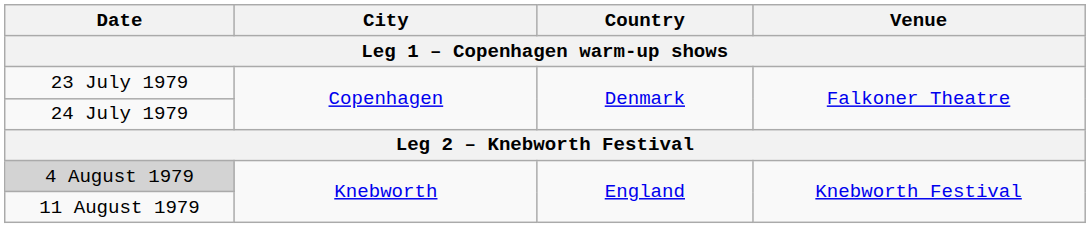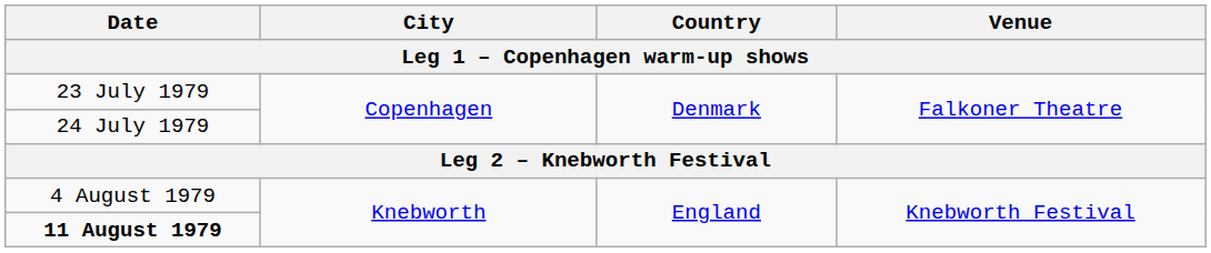 <table class="wikitable" style="text-align:center;">
 <tr>
 <th style="width:150px;">Date</th>
 <th style="width:200px;">City</th>
 <th style="width:140px;">Country</th>
 <th style="width:220px;">Venue</th>
 </tr>
 <tr>
 <th colspan="4">Leg 1 – Copenhagen warm-up shows</th>
 </tr>
 <tr>
 <td>23 July 1979</td>
 <td rowspan="2"><a href='#'>Copenhagen</a></td>
 <td rowspan="2"><a href='#'>Denmark</a></td>
 <td rowspan="2"><a href='#'>Falkoner Theatre</a></td>
 </tr>
 <tr>
 <td>24 July 1979</td>
 </tr>
 <tr>
 <th colspan="4">Leg 2 – Knebworth Festival</th>
 </tr>
 <tr>
-<td style="background: lightgrey;">4 August 1979</td>
+<td>4 August 1979</td>
 <td rowspan="2"><a href='#'>Knebworth</a></td>
 <td rowspan="2"><a href='#'>England</a></td>
 <td rowspan="2"><a href='#'>Knebworth Festival</a></td>
 </tr>
 <tr>
-<td>11 August 1979</td>
+<td><strong>11 August 1979</strong></td>
 </tr>
 </table>
